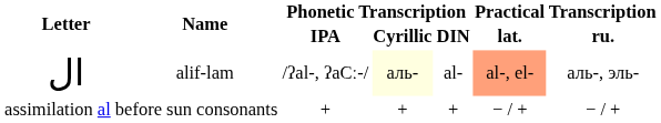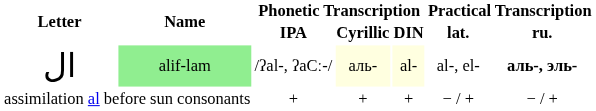 <table class="standard" style="text-align: center;">
 <tr class="bright">
 <th rowspan=2>Letter</th>
 <th rowspan=2>Name</th>
 <th colspan=3>Phonetic Transcription</th>
 <th colspan=2>Practical Transcription</th>
 </tr>
 <tr>
 <th International Phonetic Alphabet>IPA</th>
 <th>Cyrillic</th>
 <th>DIN</th>
 <th>lat.</th>
 <th>ru.</th>
 </tr>
 <tr>
 <td style="font-size:200%;">ال</td>
-<td>alif-lam</td>
+<td style="background: lightgreen;">alif-lam</td>
 <td>/ʔal-, ʔaCː-/</td>
 <td style="background: lightyellow;">аль-</td>
-<td>al-</td>
-<td style="background: lightsalmon;">al-, el-</td>
-<td>аль-, эль-</td>
+<td style="background: lightyellow;">al-</td>
+<td>al-, el-</td>
+<td><strong>аль-, эль-</strong></td>
 </tr>
 <tr>
 <td colspan=2>assimilation <a href='#'>al</a> before sun consonants</td>
 <td>+</td>
 <td>+</td>
 <td>+</td>
 <td>− / +</td>
 <td>− / +</td>
 </tr>
 </table>
